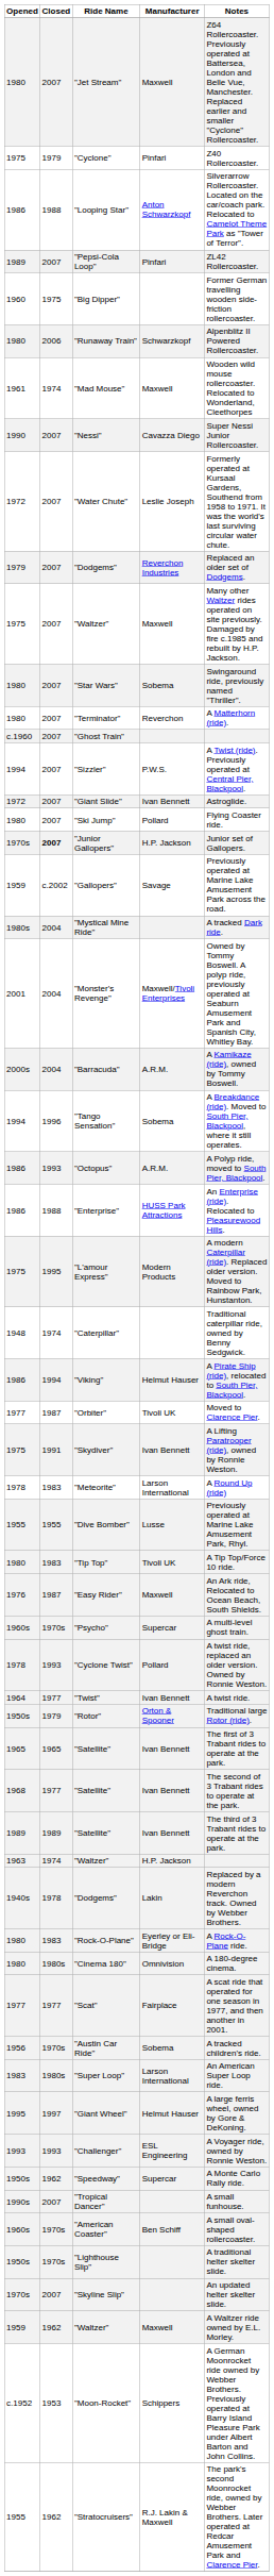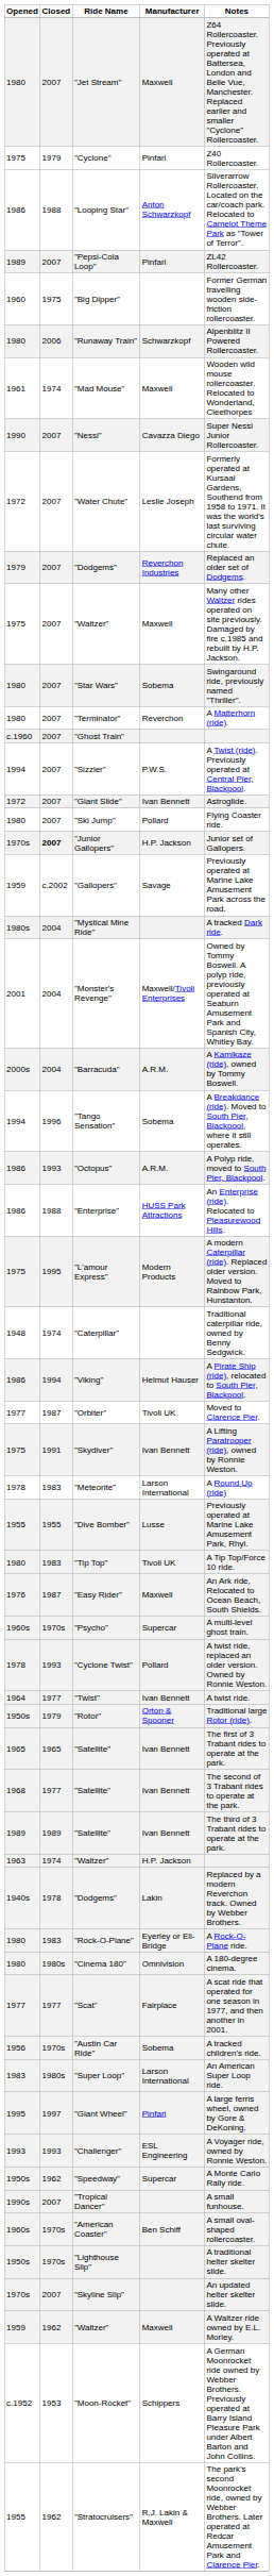 <table class="wikitable"  style="width:80%; background:#fff;">
 <tr>
 <th style="background:#fff; width:5%;">Opened</th>
 <th style="background:#fff; width:5%;">Closed</th>
 <th style="background:#fff; width:30%;">Ride Name</th>
 <th style="background:#fff; width:30%;">Manufacturer</th>
 <th style="background:#fff; width:40%;">Notes</th>
 </tr>
 <tr style="background:#f2f2f2;"|>
 </tr>
 <tr style="background:#f2f2f2;"|>
 <td>1980</td>
 <td>2007</td>
 <td>"Jet Stream"</td>
 <td>Maxwell</td>
 <td>Z64 Rollercoaster. Previously operated at Battersea, London and Belle Vue, Manchester. Replaced earlier and smaller "Cyclone" Rollercoaster.</td>
 </tr>
 <tr style="background:#fff;"|>
 <td>1975</td>
 <td>1979</td>
 <td>"Cyclone"</td>
 <td>Pinfari</td>
 <td>Z40 Rollercoaster.</td>
 </tr>
 <tr style="background:#fff;"|>
 <td>1986</td>
 <td>1988</td>
 <td>"Looping Star"</td>
 <td><a href='#'>Anton Schwarzkopf</a></td>
 <td>Silverarrow Rollercoaster. Located on the car/coach park. Relocated to <a href='#'>Camelot Theme Park</a> as "Tower of Terror".</td>
 </tr>
 <tr style="background:#f2f2f2;"|>
 <td>1989</td>
 <td>2007</td>
 <td>"Pepsi-Cola Loop"</td>
 <td>Pinfari</td>
 <td>ZL42 Rollercoaster.</td>
 </tr>
 <tr style="background:#fff;"|>
 <td>1960</td>
 <td>1975</td>
 <td>"Big Dipper"</td>
 <td></td>
 <td>Former German travelling wooden side-friction rollercoaster.</td>
 </tr>
 <tr style="background:#f2f2f2;"|>
 <td>1980</td>
 <td>2006</td>
 <td>"Runaway Train"</td>
 <td>Schwarzkopf</td>
 <td>Alpenblitz II Powered Rollercoaster.</td>
 </tr>
 <tr style="background:#fff;"|>
 <td>1961</td>
 <td>1974</td>
 <td>"Mad Mouse"</td>
 <td>Maxwell</td>
 <td>Wooden wild mouse rollercoaster. Relocated to Wonderland, Cleethorpes</td>
 </tr>
 <tr style="background:#f2f2f2;"|>
 <td>1990</td>
 <td>2007</td>
 <td>"Nessi"</td>
 <td>Cavazza Diego</td>
 <td>Super Nessi Junior Rollercoaster.</td>
 </tr>
 <tr style="background:#fff;"|>
 <td>1972</td>
 <td>2007</td>
 <td>"Water Chute"</td>
 <td>Leslie Joseph</td>
 <td>Formerly operated at Kursaal Gardens, Southend from 1958 to 1971. It was the world's last surviving circular water chute.</td>
 </tr>
 <tr style="background:#f2f2f2;"|>
 <td>1979</td>
 <td>2007</td>
 <td>"Dodgems"</td>
 <td><a href='#'>Reverchon Industries</a></td>
 <td>Replaced an older set of <a href='#'>Dodgems</a>.</td>
 </tr>
 <tr style="background:#fff;"|>
 <td>1975</td>
 <td>2007</td>
 <td>"Waltzer"</td>
 <td>Maxwell</td>
 <td>Many other <a href='#'>Waltzer</a> rides operated on site previously. Damaged by fire c.1985 and rebuilt by H.P. Jackson.</td>
 </tr>
 <tr style="background:#f2f2f2;"|>
 <td>1980</td>
 <td>2007</td>
 <td>"Star Wars"</td>
 <td>Sobema</td>
 <td>Swingaround ride, previously named "Thriller".</td>
 </tr>
 <tr style="background:#fff;"|>
 <td>1980</td>
 <td>2007</td>
 <td>"Terminator"</td>
 <td>Reverchon</td>
 <td>A <a href='#'>Matterhorn (ride)</a>.</td>
 </tr>
 <tr style="background:#f2f2f2;"|>
 <td>c.1960</td>
 <td>2007</td>
 <td>"Ghost Train"</td>
 <td></td>
 <td></td>
 </tr>
 <tr style="background:#fff;"|>
 <td>1994</td>
 <td>2007</td>
 <td>"Sizzler"</td>
 <td>P.W.S.</td>
 <td>A <a href='#'>Twist (ride)</a>. Previously operated at <a href='#'>Central Pier, Blackpool</a>.</td>
 </tr>
 <tr style="background:#f2f2f2;"|>
 <td>1972</td>
 <td>2007</td>
 <td>"Giant Slide"</td>
 <td>Ivan Bennett</td>
 <td>Astroglide.</td>
 </tr>
 <tr style="background:#fff;"|>
 <td>1980</td>
 <td>2007</td>
 <td>"Ski Jump"</td>
 <td>Pollard</td>
 <td>Flying Coaster ride.</td>
 </tr>
 <tr style="background:#f2f2f2;"|>
 <td>1970s</td>
 <td><strong>2007</strong></td>
 <td>"Junior Gallopers"</td>
 <td>H.P. Jackson</td>
 <td>Junior set of Gallopers.</td>
 </tr>
 <tr style="background:#fff;"|>
 <td>1959</td>
 <td>c.2002</td>
 <td>"Gallopers"</td>
 <td>Savage</td>
 <td>Previously operated at Marine Lake Amusement Park across the road.</td>
 </tr>
 <tr style="background:#f2f2f2;"|>
 <td>1980s</td>
 <td>2004</td>
 <td>"Mystical Mine Ride"</td>
 <td></td>
 <td>A tracked <a href='#'>Dark ride</a>.</td>
 </tr>
 <tr style="background:#fff;"|>
 <td>2001</td>
 <td>2004</td>
 <td>"Monster's Revenge"</td>
 <td>Maxwell/<a href='#'>Tivoli Enterprises</a></td>
 <td>Owned by Tommy Boswell. A polyp ride, previously operated at Seaburn Amusement Park and Spanish City, Whitley Bay.</td>
 </tr>
 <tr style="background:#f2f2f2;"|>
 <td>2000s</td>
 <td>2004</td>
 <td>"Barracuda"</td>
 <td>A.R.M.</td>
 <td>A <a href='#'>Kamikaze (ride)</a>, owned by Tommy Boswell.</td>
 </tr>
 <tr style="background:#fff;"|>
 <td>1994</td>
 <td>1996</td>
 <td>"Tango Sensation"</td>
 <td>Sobema</td>
 <td>A <a href='#'>Breakdance (ride)</a>. Moved to <a href='#'>South Pier, Blackpool</a>, where it still operates.</td>
 </tr>
 <tr style="background:#f2f2f2;"|>
 <td>1986</td>
 <td>1993</td>
 <td>"Octopus"</td>
 <td>A.R.M.</td>
 <td>A Polyp ride, moved to <a href='#'>South Pier, Blackpool</a>.</td>
 </tr>
 <tr style="background:#fff;"|>
 <td>1986</td>
 <td>1988</td>
 <td>"Enterprise"</td>
 <td><a href='#'>HUSS Park Attractions</a></td>
 <td>An <a href='#'>Enterprise (ride)</a>. Relocated to <a href='#'>Pleasurewood Hills</a>.</td>
 </tr>
 <tr style="background:#f2f2f2;"|>
 <td>1975</td>
 <td>1995</td>
 <td>"L'amour Express"</td>
 <td>Modern Products</td>
 <td>A modern <a href='#'>Caterpillar (ride)</a>. Replaced older version. Moved to Rainbow Park, Hunstanton.</td>
 </tr>
 <tr style="background:#fff;"|>
 <td>1948</td>
 <td>1974</td>
 <td>"Caterpillar"</td>
 <td></td>
 <td>Traditional caterpillar ride, owned by Benny Sedgwick.</td>
 </tr>
 <tr style="background:#f2f2f2;"|>
 <td>1986</td>
 <td>1994</td>
 <td>"Viking"</td>
 <td>Helmut Hauser</td>
 <td>A <a href='#'>Pirate Ship (ride)</a>, relocated to <a href='#'>South Pier, Blackpool</a>.</td>
 </tr>
 <tr style="background:#fff;"|>
 <td>1977</td>
 <td>1987</td>
 <td>"Orbiter"</td>
 <td>Tivoli UK</td>
 <td>Moved to <a href='#'>Clarence Pier</a>.</td>
 </tr>
 <tr style="background:#f2f2f2;"|>
 <td>1975</td>
 <td>1991</td>
 <td>"Skydiver"</td>
 <td>Ivan Bennett</td>
 <td>A Lifting <a href='#'>Paratrooper (ride)</a>, owned by Ronnie Weston.</td>
 </tr>
 <tr style="background:#fff;"|>
 <td>1978</td>
 <td>1983</td>
 <td>"Meteorite"</td>
 <td>Larson International</td>
 <td>A <a href='#'>Round Up (ride)</a></td>
 </tr>
 <tr style="background:#f2f2f2;"|>
 <td>1955</td>
 <td>1955</td>
 <td>"Dive Bomber"</td>
 <td>Lusse</td>
 <td>Previously operated at Marine Lake Amusement Park, Rhyl.</td>
 </tr>
 <tr style="background:#f2f2f2;"|>
 <td>1980</td>
 <td>1983</td>
 <td>"Tip Top"</td>
 <td>Tivoli UK</td>
 <td>A Tip Top/Force 10 ride.</td>
 </tr>
 <tr style="background:#f2f2f2;"|>
 <td>1976</td>
 <td>1987</td>
 <td>"Easy Rider"</td>
 <td>Maxwell</td>
 <td>An Ark ride, Relocated to Ocean Beach, South Shields.</td>
 </tr>
 <tr style="background:#f2f2f2;"|>
 <td>1960s</td>
 <td>1970s</td>
 <td>"Psycho"</td>
 <td>Supercar</td>
 <td>A multi-level ghost train.</td>
 </tr>
 <tr style="background:#f2f2f2;"|>
 <td>1978</td>
 <td>1993</td>
 <td>"Cyclone Twist"</td>
 <td>Pollard</td>
 <td>A twist ride, replaced an older version. Owned by Ronnie Weston.</td>
 </tr>
 <tr style="background:#f2f2f2;"|>
 <td>1964</td>
 <td>1977</td>
 <td>"Twist"</td>
 <td>Ivan Bennett</td>
 <td>A twist ride.</td>
 </tr>
 <tr style="background:#f2f2f2;"|>
 <td>1950s</td>
 <td>1979</td>
 <td>"Rotor"</td>
 <td><a href='#'>Orton & Spooner</a></td>
 <td>Traditional large <a href='#'>Rotor (ride)</a>.</td>
 </tr>
 <tr style="background:#f2f2f2;"|>
 <td>1965</td>
 <td>1965</td>
 <td>"Satellite"</td>
 <td>Ivan Bennett</td>
 <td>The first of 3 Trabant rides to operate at the park.</td>
 </tr>
 <tr style="background:#f2f2f2;"|>
 <td>1968</td>
 <td>1977</td>
 <td>"Satellite"</td>
 <td>Ivan Bennett</td>
 <td>The second of 3 Trabant rides to operate at the park.</td>
 </tr>
 <tr style="background:#f2f2f2;"|>
 <td>1989</td>
 <td>1989</td>
 <td>"Satellite"</td>
 <td>Ivan Bennett</td>
 <td>The third of 3 Trabant rides to operate at the park.</td>
 </tr>
 <tr style="background:#f2f2f2;"|>
 <td>1963</td>
 <td>1974</td>
 <td>"Waltzer"</td>
 <td>H.P. Jackson</td>
 <td></td>
 </tr>
 <tr style="background:#f2f2f2;"|>
 <td>1940s</td>
 <td>1978</td>
 <td>"Dodgems"</td>
 <td>Lakin</td>
 <td>Replaced by a modern Reverchon track. Owned by Webber Brothers.</td>
 </tr>
 <tr style="background:#f2f2f2;"|>
 <td>1980</td>
 <td>1983</td>
 <td>"Rock-O-Plane"</td>
 <td>Eyerley or Eli-Bridge</td>
 <td>A <a href='#'>Rock-O-Plane</a> ride.</td>
 </tr>
 <tr style="background:#f2f2f2;"|>
 <td>1980</td>
 <td>1980s</td>
 <td>"Cinema 180"</td>
 <td>Omnivision</td>
 <td>A 180-degree cinema.</td>
 </tr>
 <tr style="background:#f2f2f2;"|>
 <td>1977</td>
 <td>1977</td>
 <td>"Scat"</td>
 <td>Fairplace</td>
 <td>A scat ride that operated for one season in 1977, and then another in 2001.</td>
 </tr>
 <tr style="background:#f2f2f2;"|>
 <td>1956</td>
 <td>1970s</td>
 <td>"Austin Car Ride"</td>
 <td>Sobema</td>
 <td>A tracked children's ride.</td>
 </tr>
 <tr style="background:#f2f2f2;"|>
 <td>1983</td>
 <td>1980s</td>
 <td>"Super Loop"</td>
 <td>Larson International</td>
 <td>An American Super Loop ride.</td>
 </tr>
 <tr style="background:#f2f2f2;"|>
 <td>1995</td>
 <td>1997</td>
 <td>"Giant Wheel"</td>
-<td>Helmut Hauser</td>
+<td><a href='#'>Pinfari</a></td>
 <td>A large ferris wheel, owned by Gore & DeKoning.</td>
 </tr>
 <tr style="background:#f2f2f2;"|>
 <td>1993</td>
 <td>1993</td>
 <td>"Challenger"</td>
 <td>ESL Engineering</td>
 <td>A Voyager ride, owned by Ronnie Weston.</td>
 </tr>
 <tr style="background:#f2f2f2;"|>
 <td>1950s</td>
 <td>1962</td>
 <td>"Speedway"</td>
 <td>Supercar</td>
 <td>A Monte Carlo Rally ride.</td>
 </tr>
 <tr style="background:#f2f2f2;"|>
 <td>1990s</td>
 <td>2007</td>
 <td>"Tropical Dancer"</td>
 <td></td>
 <td>A small funhouse.</td>
 </tr>
 <tr style="background:#f2f2f2;"|>
 <td>1960s</td>
 <td>1970s</td>
 <td>"American Coaster"</td>
 <td>Ben Schiff</td>
 <td>A small oval-shaped rollercoaster.</td>
 </tr>
 <tr style="background:#f2f2f2;"|>
 <td>1950s</td>
 <td>1970s</td>
 <td>"Lighthouse Slip"</td>
 <td></td>
 <td>A traditional helter skelter slide.</td>
 </tr>
 <tr style="background:#f2f2f2;"|>
 <td>1970s</td>
 <td>2007</td>
 <td>"Skyline Slip"</td>
 <td></td>
 <td>An updated helter skelter slide.</td>
 </tr>
 <tr style="background:#f2f2f2;"|>
 <td>1959</td>
 <td>1962</td>
 <td>"Waltzer"</td>
 <td>Maxwell</td>
 <td>A Waltzer ride owned by E.L. Morley.</td>
 </tr>
 <tr style="background:#fff;"|>
 <td>c.1952</td>
 <td>1953</td>
 <td>"Moon-Rocket"</td>
 <td>Schippers</td>
 <td>A German Moonrocket ride owned by Webber Brothers. Previously operated at Barry Island Pleasure Park under Albert Barton and John Collins.</td>
 </tr>
 <tr style="background:#fff;"|>
 <td>1955</td>
 <td>1962</td>
 <td>"Stratocruisers"</td>
 <td>R.J. Lakin & Maxwell</td>
 <td>The park's second Moonrocket ride, owned by Webber Brothers. Later operated at Redcar Amusement Park and <a href='#'>Clarence Pier</a>.</td>
 </tr>
 <tr style="background:#fff;"|>
 </tr>
 </table>
